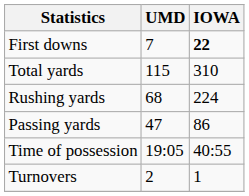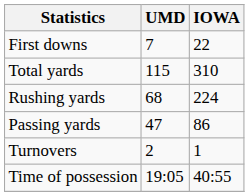 <table class="wikitable">
 <tr>
 <th>Statistics</th>
 <th>UMD</th>
 <th>IOWA</th>
 </tr>
 <tr>
 <td>First downs</td>
 <td>7</td>
-<td><strong>22</strong></td>
+<td>22</td>
 </tr>
 <tr>
 <td>Total yards</td>
 <td>115</td>
 <td>310</td>
 </tr>
 <tr>
 <td>Rushing yards</td>
 <td>68</td>
 <td>224</td>
 </tr>
 <tr>
 <td>Passing yards</td>
 <td>47</td>
 <td>86</td>
 </tr>
 <tr>
+<td>Turnovers</td>
+<td>2</td>
+<td>1</td>
+</tr>
+<tr>
 <td>Time of possession</td>
 <td>19:05</td>
 <td>40:55</td>
 </tr>
 <tr>
-<td>Turnovers</td>
-<td>2</td>
-<td>1</td>
-</tr>
-<tr>
 </tr>
 </table>
